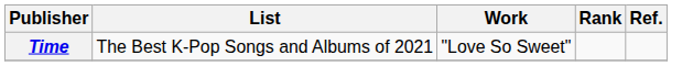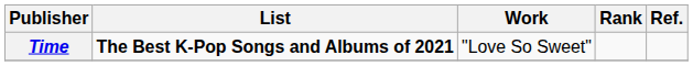 <table class="wikitable plainrowheaders" style="text-align:center">
 <tr>
 <th scope="col">Publisher</th>
 <th scope="col">List</th>
 <th scope="col">Work</th>
 <th scope="col">Rank</th>
 <th scope="col" class="unsortable">Ref.</th>
 </tr>
 <tr>
 <th scope="row"><em><a href='#'>Time</a></em></th>
-<td>The Best K-Pop Songs and Albums of 2021</td>
+<td><strong>The Best K-Pop Songs and Albums of 2021</strong></td>
 <td>"Love So Sweet"</td>
 <td></td>
 <td></td>
 </tr>
 <tr>
 </tr>
 </table>
